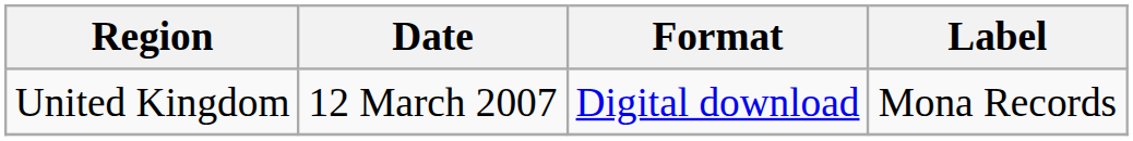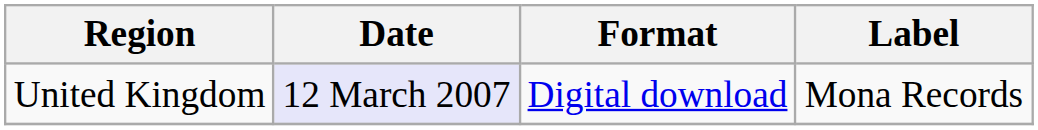 <table class=wikitable>
 <tr>
 <th>Region</th>
 <th>Date</th>
 <th>Format</th>
 <th>Label</th>
 </tr>
 <tr>
 <td>United Kingdom</td>
-<td>12 March 2007</td>
+<td style="background: lavender;">12 March 2007</td>
 <td><a href='#'>Digital download</a></td>
 <td>Mona Records</td>
 </tr>
 <tr>
 </tr>
 </table>
